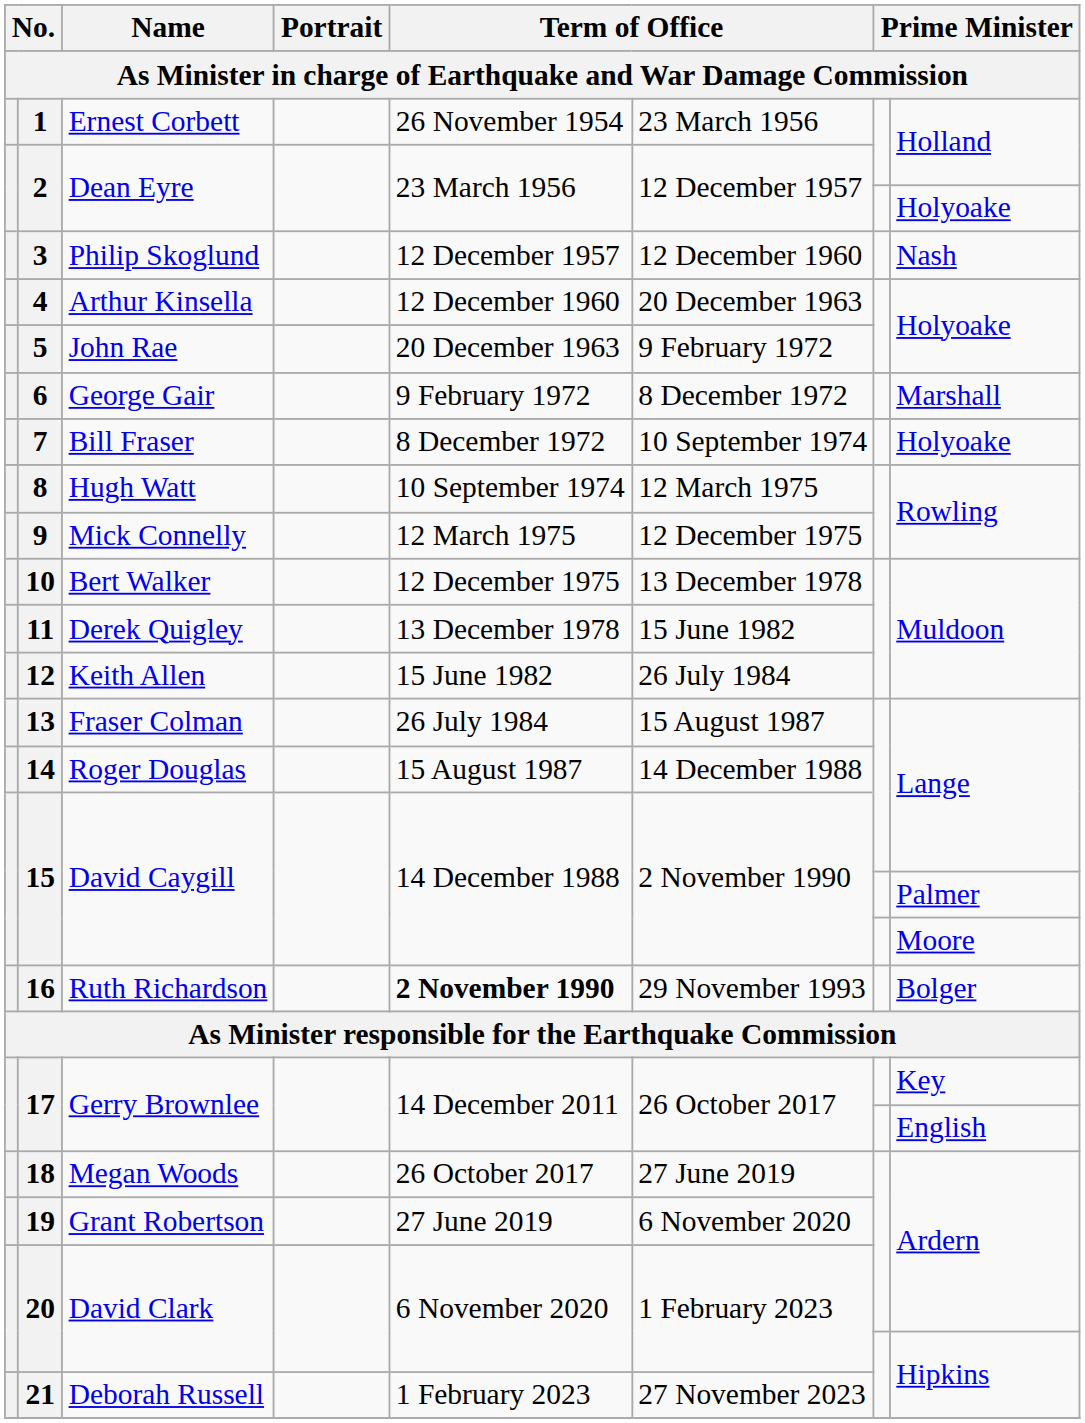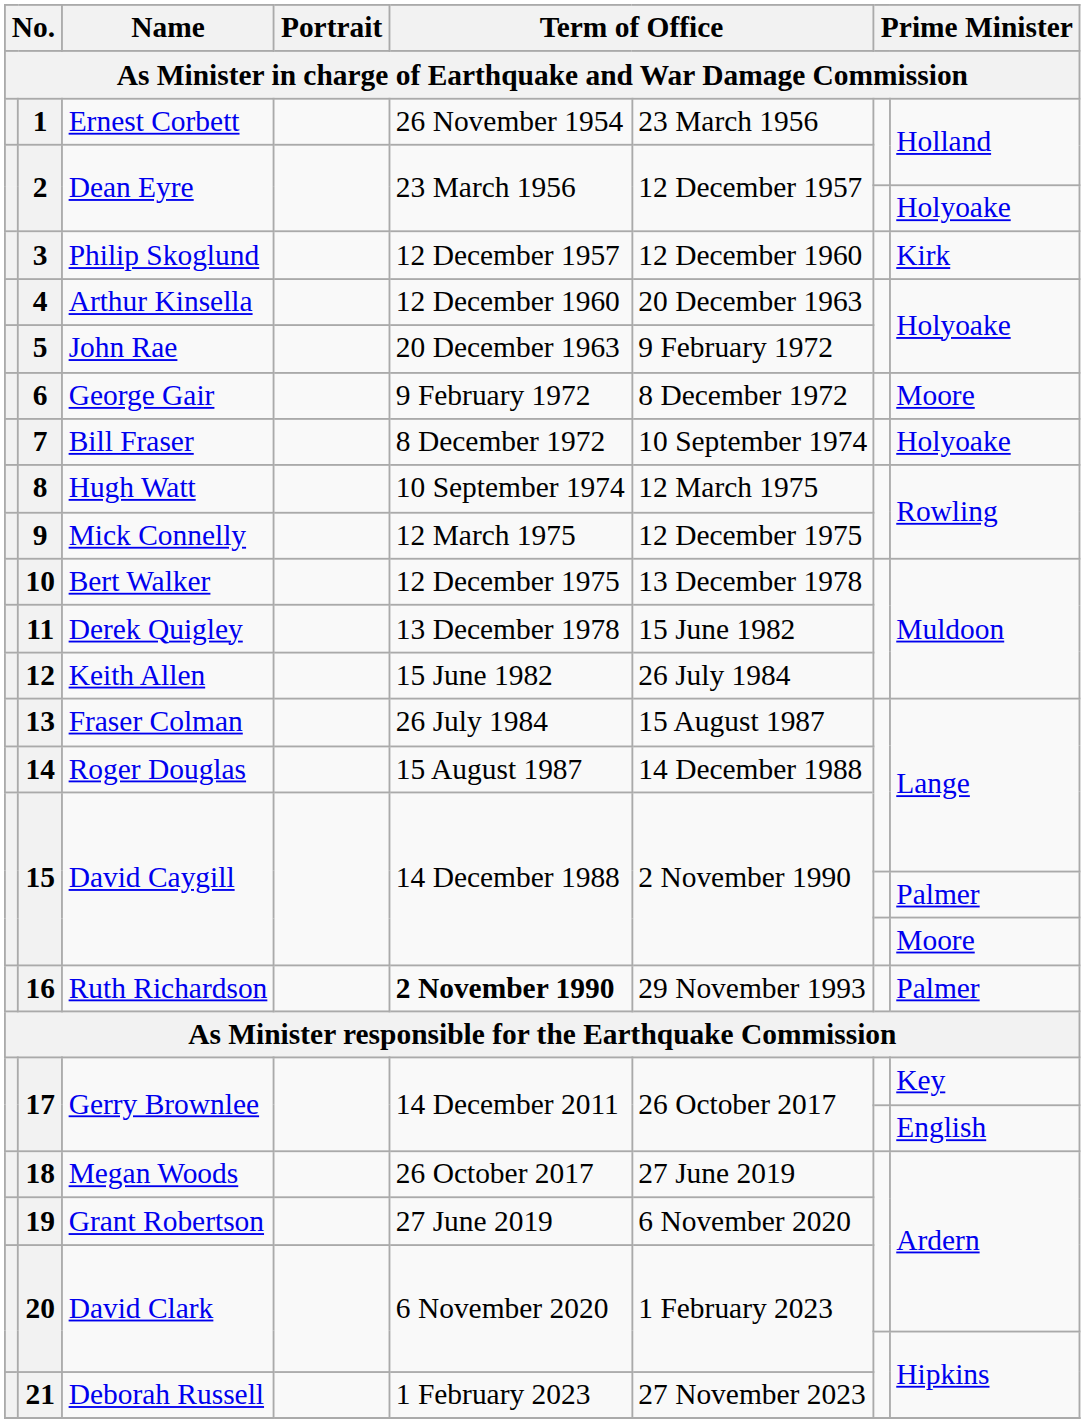 <table class="wikitable">
 <tr>
 <th colspan=2>No.</th>
 <th>Name</th>
 <th>Portrait</th>
 <th colspan=2>Term of Office</th>
 <th colspan=2>Prime Minister</th>
 </tr>
 <tr>
 <th colspan=8>As Minister in charge of Earthquake and War Damage Commission</th>
 </tr>
 <tr>
 <th style="background:"></th>
 <th>1</th>
 <td><a href='#'>Ernest Corbett</a></td>
 <td></td>
 <td>26 November 1954</td>
 <td>23 March 1956</td>
 <td rowspan="2" style="background:"></td>
 <td rowspan="2"><a href='#'>Holland</a></td>
 </tr>
 <tr>
 <th height=15 style="border-bottom:solid 0 grey; background:"></th>
 <th rowspan="2">2</th>
 <td rowspan="2"><a href='#'>Dean Eyre</a></td>
 <td rowspan="2"></td>
 <td rowspan="2">23 March 1956</td>
 <td rowspan="2">12 December 1957</td>
 </tr>
 <tr>
 <th height=15 style="border-top:solid 0 grey; background:"></th>
 <td style="background:"></td>
 <td><a href='#'>Holyoake</a></td>
 </tr>
 <tr>
 <th style="background:"></th>
 <th>3</th>
 <td><a href='#'>Philip Skoglund</a></td>
 <td></td>
 <td>12 December 1957</td>
 <td>12 December 1960</td>
 <td width=1 style="background:"></td>
-<td><a href='#'>Nash</a></td>
+<td><a href='#'>Kirk</a></td>
 </tr>
 <tr>
 <th style="background:"></th>
 <th>4</th>
 <td><a href='#'>Arthur Kinsella</a></td>
 <td></td>
 <td>12 December 1960</td>
 <td>20 December 1963</td>
 <td rowspan=2 style="background:"></td>
 <td rowspan=2><a href='#'>Holyoake</a></td>
 </tr>
 <tr>
 <th style="background:"></th>
 <th>5</th>
 <td><a href='#'>John Rae</a></td>
 <td></td>
 <td>20 December 1963</td>
 <td>9 February 1972</td>
 </tr>
 <tr>
 <th style="background:"></th>
 <th>6</th>
 <td><a href='#'>George Gair</a></td>
 <td></td>
 <td>9 February 1972</td>
 <td>8 December 1972</td>
 <td style="background:"></td>
-<td><a href='#'>Marshall</a></td>
+<td><a href='#'>Moore</a></td>
 </tr>
 <tr>
 <th style="background:"></th>
 <th>7</th>
 <td><a href='#'>Bill Fraser</a></td>
 <td></td>
 <td>8 December 1972</td>
 <td>10 September 1974</td>
 <td style="background:"></td>
 <td><a href='#'>Holyoake</a></td>
 </tr>
 <tr>
 <th style="background:"></th>
 <th>8</th>
 <td><a href='#'>Hugh Watt</a></td>
 <td></td>
 <td>10 September 1974</td>
 <td>12 March 1975</td>
 <td rowspan=2 style="background:"></td>
 <td rowspan=2><a href='#'>Rowling</a></td>
 </tr>
 <tr>
 <th style="background:"></th>
 <th>9</th>
 <td><a href='#'>Mick Connelly</a></td>
 <td></td>
 <td>12 March 1975</td>
 <td>12 December 1975</td>
 </tr>
 <tr>
 <th style="background:"></th>
 <th>10</th>
 <td><a href='#'>Bert Walker</a></td>
 <td></td>
 <td>12 December 1975</td>
 <td>13 December 1978</td>
 <td rowspan=3 style="background:"></td>
 <td rowspan=3><a href='#'>Muldoon</a></td>
 </tr>
 <tr>
 <th style="background:"></th>
 <th>11</th>
 <td><a href='#'>Derek Quigley</a></td>
 <td></td>
 <td>13 December 1978</td>
 <td>15 June 1982</td>
 </tr>
 <tr>
 <th style="background:"></th>
 <th>12</th>
 <td><a href='#'>Keith Allen</a></td>
 <td></td>
 <td>15 June 1982</td>
 <td>26 July 1984</td>
 </tr>
 <tr>
 <th style="background:"></th>
 <th>13</th>
 <td><a href='#'>Fraser Colman</a></td>
 <td></td>
 <td>26 July 1984</td>
 <td>15 August 1987</td>
 <td rowspan=2 style="border-bottom:solid 0 grey; background:"></td>
 <td rowspan=3><a href='#'>Lange</a></td>
 </tr>
 <tr>
 <th style="background:"></th>
 <th>14</th>
 <td><a href='#'>Roger Douglas</a></td>
 <td></td>
 <td>15 August 1987</td>
 <td>14 December 1988</td>
 </tr>
 <tr>
 <th rowspan=3 style="background:"></th>
 <th rowspan=3>15</th>
 <td rowspan=3><a href='#'>David Caygill</a></td>
 <td rowspan=3></td>
 <td rowspan=3>14 December 1988</td>
 <td rowspan=3>2 November 1990</td>
 <td height=36 style="border-top:solid 0 grey; background:"></td>
 </tr>
 <tr>
 <td style="background:"></td>
 <td><a href='#'>Palmer</a></td>
 </tr>
 <tr>
 <td style="background:"></td>
 <td><a href='#'>Moore</a></td>
 </tr>
 <tr>
 <th style="background:"></th>
 <th>16</th>
 <td><a href='#'>Ruth Richardson</a></td>
 <td></td>
 <td><strong>2 November 1990</strong></td>
 <td>29 November 1993</td>
 <td style="border-bottom:solid 0 grey; background:"></td>
-<td><a href='#'>Bolger</a></td>
+<td><a href='#'>Palmer</a></td>
 </tr>
 <tr>
 <th colspan=8>As Minister responsible for the Earthquake Commission</th>
 </tr>
 <tr>
 <th rowspan=2 style="background:"></th>
 <th rowspan=2>17</th>
 <td rowspan=2><a href='#'>Gerry Brownlee</a></td>
 <td rowspan=2></td>
 <td rowspan=2>14 December 2011</td>
 <td rowspan=2>26 October 2017</td>
 <td style="background:"></td>
 <td><a href='#'>Key</a></td>
 </tr>
 <tr>
 <td style="background:"></td>
 <td><a href='#'>English</a></td>
 </tr>
 <tr>
 <th style="background:"></th>
 <th>18</th>
 <td><a href='#'>Megan Woods</a></td>
 <td></td>
 <td>26 October 2017</td>
 <td>27 June 2019</td>
 <td rowspan=3 style="background:"></td>
 <td rowspan=3><a href='#'>Ardern</a></td>
 </tr>
 <tr>
 <th style="background:"></th>
 <th>19</th>
 <td><a href='#'>Grant Robertson</a></td>
 <td></td>
 <td>27 June 2019</td>
 <td>6 November 2020</td>
 </tr>
 <tr>
 <th height=40 style="border-bottom:solid 0 grey; background:"></th>
 <th rowspan=2>20</th>
 <td rowspan=2><a href='#'>David Clark</a></td>
 <td rowspan=2></td>
 <td rowspan=2>6 November 2020</td>
 <td rowspan=2>1 February 2023</td>
 </tr>
 <tr>
 <th height=15 style="border-top:solid 0 grey; background:"></th>
 <td rowspan=2 style="background:"></td>
 <td rowspan=2><a href='#'>Hipkins</a></td>
 </tr>
 <tr>
 <th style="background:"></th>
 <th>21</th>
 <td><a href='#'>Deborah Russell</a></td>
 <td></td>
 <td>1 February 2023</td>
 <td>27 November 2023</td>
 </tr>
 <tr>
 </tr>
 </table>
